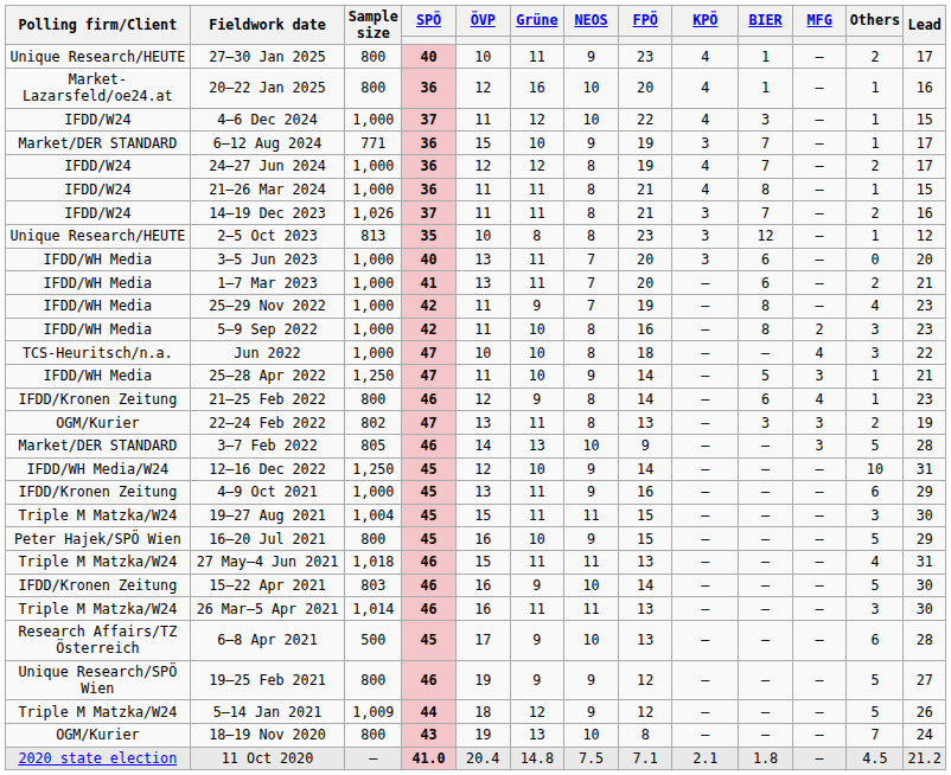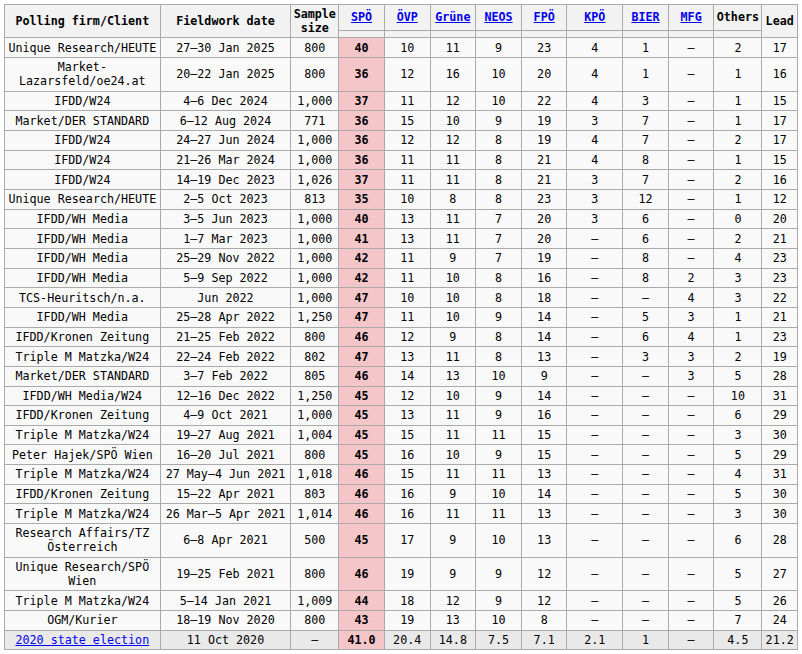 <table class="wikitable sortable mw-datatable mw-collapsible mw-collapsed" style="text-align:center;font-size:90%;line-height:14px;">
 <tr>
 <th rowspan="2" style="width:150px;">Polling firm/Client</th>
 <th rowspan="2" style="width:125px;">Fieldwork date</th>
 <th rowspan="2" style="width:35px;">Sample<br>size</th>
 <th class="unsortable" style="width:40px;"><a href='#'>SPÖ</a></th>
 <th class="unsortable" style="width:40px;"><a href='#'>ÖVP</a></th>
 <th class="unsortable" style="width:40px;"><a href='#'>Grüne</a></th>
 <th class="unsortable" style="width:40px;"><a href='#'>NEOS</a></th>
 <th class="unsortable" style="width:40px;"><a href='#'>FPÖ</a></th>
 <th class="unsortable" style="width:50px;"><a href='#'>KPÖ</a></th>
 <th class="unsortable" style="width:40px;"><a href='#'>BIER</a></th>
 <th class="unsortable" style="width:40px;"><a href='#'>MFG</a></th>
 <th class="unsortable" style="width:40px;">Others</th>
 <th rowspan="2" style="width:30px;">Lead</th>
 </tr>
 <tr>
 <th style="background:"></th>
 <th style="background:"></th>
 <th style="background:"></th>
 <th style="background:"></th>
 <th style="background:"></th>
 <th style="background:"></th>
 <th style="background:"></th>
 <th style="background:"></th>
 <th style="background:"></th>
 </tr>
 <tr>
 <td>Unique Research/HEUTE</td>
 <td>27–30 Jan 2025</td>
 <td>800</td>
 <td style="background:#F4C6C9;"><strong>40</strong></td>
 <td>10</td>
 <td>11</td>
 <td>9</td>
 <td>23</td>
 <td>4</td>
 <td>1</td>
 <td>–</td>
 <td>2</td>
 <td style="background:">17</td>
 </tr>
 <tr>
 <td>Market-Lazarsfeld/oe24.at</td>
 <td>20–22 Jan 2025</td>
 <td>800</td>
 <td style="background:#F4C6C9;"><strong>36</strong></td>
 <td>12</td>
 <td>16</td>
 <td>10</td>
 <td>20</td>
 <td>4</td>
 <td>1</td>
 <td>–</td>
 <td>1</td>
 <td style="background:">16</td>
 </tr>
 <tr>
 <td>IFDD/W24</td>
 <td>4–6 Dec 2024</td>
 <td>1,000</td>
 <td style="background:#F4C6C9;"><strong>37</strong></td>
 <td>11</td>
 <td>12</td>
 <td>10</td>
 <td>22</td>
 <td>4</td>
 <td>3</td>
 <td>–</td>
 <td>1</td>
 <td style="background:">15</td>
 </tr>
 <tr>
 <td>Market/DER STANDARD</td>
 <td>6–12 Aug 2024</td>
 <td>771</td>
 <td style="background:#F4C6C9;"><strong>36</strong></td>
 <td>15</td>
 <td>10</td>
 <td>9</td>
 <td>19</td>
 <td>3</td>
 <td>7</td>
 <td>–</td>
 <td>1</td>
 <td style="background:">17</td>
 </tr>
 <tr>
 <td>IFDD/W24</td>
 <td>24–27 Jun 2024</td>
 <td>1,000</td>
 <td style="background:#F4C6C9;"><strong>36</strong></td>
 <td>12</td>
 <td>12</td>
 <td>8</td>
 <td>19</td>
 <td>4</td>
 <td>7</td>
 <td>–</td>
 <td>2</td>
 <td style="background:">17</td>
 </tr>
 <tr>
 <td>IFDD/W24</td>
 <td>21–26 Mar 2024</td>
 <td>1,000</td>
 <td style="background:#F4C6C9;"><strong>36</strong></td>
 <td>11</td>
 <td>11</td>
 <td>8</td>
 <td>21</td>
 <td>4</td>
 <td>8</td>
 <td>–</td>
 <td>1</td>
 <td style="background:">15</td>
 </tr>
 <tr>
 <td>IFDD/W24</td>
 <td>14–19 Dec 2023</td>
 <td>1,026</td>
 <td style="background:#F4C6C9;"><strong>37</strong></td>
 <td>11</td>
 <td>11</td>
 <td>8</td>
 <td>21</td>
 <td>3</td>
 <td>7</td>
 <td>–</td>
 <td>2</td>
 <td style="background:">16</td>
 </tr>
 <tr>
 <td>Unique Research/HEUTE</td>
 <td>2–5 Oct 2023</td>
 <td>813</td>
 <td style="background:#F4C6C9;"><strong>35</strong></td>
 <td>10</td>
 <td>8</td>
 <td>8</td>
 <td>23</td>
 <td>3</td>
 <td>12</td>
 <td>–</td>
 <td>1</td>
 <td style="background:">12</td>
 </tr>
 <tr>
 <td>IFDD/WH Media</td>
 <td>3–5 Jun 2023</td>
 <td>1,000</td>
 <td style="background:#F4C6C9;"><strong>40</strong></td>
 <td>13</td>
 <td>11</td>
 <td>7</td>
 <td>20</td>
 <td>3</td>
 <td>6</td>
 <td>–</td>
 <td>0</td>
 <td style="background:">20</td>
 </tr>
 <tr>
 <td>IFDD/WH Media</td>
 <td>1–7 Mar 2023</td>
 <td>1,000</td>
 <td style="background:#F4C6C9;"><strong>41</strong></td>
 <td>13</td>
 <td>11</td>
 <td>7</td>
 <td>20</td>
 <td>–</td>
 <td>6</td>
 <td>–</td>
 <td>2</td>
 <td style="background:">21</td>
 </tr>
 <tr>
 <td>IFDD/WH Media</td>
 <td>25–29 Nov 2022</td>
 <td>1,000</td>
 <td style="background:#F4C6C9;"><strong>42</strong></td>
 <td>11</td>
 <td>9</td>
 <td>7</td>
 <td>19</td>
 <td>–</td>
 <td>8</td>
 <td>–</td>
 <td>4</td>
 <td style="background:">23</td>
 </tr>
 <tr>
 <td>IFDD/WH Media</td>
 <td>5–9 Sep 2022</td>
 <td>1,000</td>
 <td style="background:#F4C6C9;"><strong>42</strong></td>
 <td>11</td>
 <td>10</td>
 <td>8</td>
 <td>16</td>
 <td>–</td>
 <td>8</td>
 <td>2</td>
 <td>3</td>
 <td style="background:">23</td>
 </tr>
 <tr>
 <td>TCS-Heuritsch/n.a.</td>
 <td>Jun 2022</td>
 <td>1,000</td>
 <td style="background:#F4C6C9;"><strong>47</strong></td>
 <td>10</td>
 <td>10</td>
 <td>8</td>
 <td>18</td>
 <td>–</td>
 <td>–</td>
 <td>4</td>
 <td>3</td>
 <td style="background:">22</td>
 </tr>
 <tr>
 <td>IFDD/WH Media</td>
 <td>25–28 Apr 2022</td>
 <td>1,250</td>
 <td style="background:#F4C6C9;"><strong>47</strong></td>
 <td>11</td>
 <td>10</td>
 <td>9</td>
 <td>14</td>
 <td>–</td>
 <td>5</td>
 <td>3</td>
 <td>1</td>
 <td style="background:">21</td>
 </tr>
 <tr>
 <td>IFDD/Kronen Zeitung</td>
 <td>21–25 Feb 2022</td>
 <td>800</td>
 <td style="background:#F4C6C9;"><strong>46</strong></td>
 <td>12</td>
 <td>9</td>
 <td>8</td>
 <td>14</td>
 <td>–</td>
 <td>6</td>
 <td>4</td>
 <td>1</td>
 <td style="background:">23</td>
 </tr>
 <tr>
-<td>OGM/Kurier</td>
+<td>Triple M Matzka/W24</td>
 <td>22–24 Feb 2022</td>
 <td>802</td>
 <td style="background:#F4C6C9;"><strong>47</strong></td>
 <td>13</td>
 <td>11</td>
 <td>8</td>
 <td>13</td>
 <td>–</td>
 <td>3</td>
 <td>3</td>
 <td>2</td>
 <td style="background:">19</td>
 </tr>
 <tr>
 <td>Market/DER STANDARD</td>
 <td>3–7 Feb 2022</td>
 <td>805</td>
 <td style="background:#F4C6C9;"><strong>46</strong></td>
 <td>14</td>
 <td>13</td>
 <td>10</td>
 <td>9</td>
 <td>–</td>
 <td>–</td>
 <td>3</td>
 <td>5</td>
 <td style="background:">28</td>
 </tr>
 <tr>
 <td>IFDD/WH Media/W24</td>
 <td>12–16 Dec 2022</td>
 <td>1,250</td>
 <td style="background:#F4C6C9;"><strong>45</strong></td>
 <td>12</td>
 <td>10</td>
 <td>9</td>
 <td>14</td>
 <td>–</td>
 <td>–</td>
 <td>–</td>
 <td>10</td>
 <td style="background:">31</td>
 </tr>
 <tr>
 <td>IFDD/Kronen Zeitung</td>
 <td>4–9 Oct 2021</td>
 <td>1,000</td>
 <td style="background:#F4C6C9;"><strong>45</strong></td>
 <td>13</td>
 <td>11</td>
 <td>9</td>
 <td>16</td>
 <td>–</td>
 <td>–</td>
 <td>–</td>
 <td>6</td>
 <td style="background:">29</td>
 </tr>
 <tr>
 <td>Triple M Matzka/W24</td>
 <td>19–27 Aug 2021</td>
 <td>1,004</td>
 <td style="background:#F4C6C9;"><strong>45</strong></td>
 <td>15</td>
 <td>11</td>
 <td>11</td>
 <td>15</td>
 <td>–</td>
 <td>–</td>
 <td>–</td>
 <td>3</td>
 <td style="background:">30</td>
 </tr>
 <tr>
 <td>Peter Hajek/SPÖ Wien</td>
 <td>16–20 Jul 2021</td>
 <td>800</td>
 <td style="background:#F4C6C9;"><strong>45</strong></td>
 <td>16</td>
 <td>10</td>
 <td>9</td>
 <td>15</td>
 <td>–</td>
 <td>–</td>
 <td>–</td>
 <td>5</td>
 <td style="background:">29</td>
 </tr>
 <tr>
 <td>Triple M Matzka/W24</td>
 <td>27 May–4 Jun 2021</td>
 <td>1,018</td>
 <td style="background:#F4C6C9;"><strong>46</strong></td>
 <td>15</td>
 <td>11</td>
 <td>11</td>
 <td>13</td>
 <td>–</td>
 <td>–</td>
 <td>–</td>
 <td>4</td>
 <td style="background:">31</td>
 </tr>
 <tr>
 <td>IFDD/Kronen Zeitung</td>
 <td>15–22 Apr 2021</td>
 <td>803</td>
 <td style="background:#F4C6C9;"><strong>46</strong></td>
 <td>16</td>
 <td>9</td>
 <td>10</td>
 <td>14</td>
 <td>–</td>
 <td>–</td>
 <td>–</td>
 <td>5</td>
 <td style="background:">30</td>
 </tr>
 <tr>
 <td>Triple M Matzka/W24</td>
 <td>26 Mar–5 Apr 2021</td>
 <td>1,014</td>
 <td style="background:#F4C6C9;"><strong>46</strong></td>
 <td>16</td>
 <td>11</td>
 <td>11</td>
 <td>13</td>
 <td>–</td>
 <td>–</td>
 <td>–</td>
 <td>3</td>
 <td style="background:">30</td>
 </tr>
 <tr>
 <td>Research Affairs/TZ Österreich</td>
 <td>6–8 Apr 2021</td>
 <td>500</td>
 <td style="background:#F4C6C9;"><strong>45</strong></td>
 <td>17</td>
 <td>9</td>
 <td>10</td>
 <td>13</td>
 <td>–</td>
 <td>–</td>
 <td>–</td>
 <td>6</td>
 <td style="background:">28</td>
 </tr>
 <tr>
 <td>Unique Research/SPÖ Wien</td>
 <td>19–25 Feb 2021</td>
 <td>800</td>
 <td style="background:#F4C6C9;"><strong>46</strong></td>
 <td>19</td>
 <td>9</td>
 <td>9</td>
 <td>12</td>
 <td>–</td>
 <td>–</td>
 <td>–</td>
 <td>5</td>
 <td style="background:">27</td>
 </tr>
 <tr>
 <td>Triple M Matzka/W24</td>
 <td>5–14 Jan 2021</td>
 <td>1,009</td>
 <td style="background:#F4C6C9;"><strong>44</strong></td>
 <td>18</td>
 <td>12</td>
 <td>9</td>
 <td>12</td>
 <td>–</td>
 <td>–</td>
 <td>–</td>
 <td>5</td>
 <td style="background:">26</td>
 </tr>
 <tr>
 <td>OGM/Kurier</td>
 <td>18–19 Nov 2020</td>
 <td>800</td>
 <td style="background:#F4C6C9;"><strong>43</strong></td>
 <td>19</td>
 <td>13</td>
 <td>10</td>
 <td>8</td>
 <td>–</td>
 <td>–</td>
 <td>–</td>
 <td>7</td>
 <td style="background:">24</td>
 </tr>
 <tr style="background:#E9E9E9;">
 <td><a href='#'>2020 state election</a></td>
 <td data-sort-value="2015-10-11">11 Oct 2020</td>
 <td>–</td>
 <td style="background:#F4C6C9;"><strong>41.0</strong></td>
 <td>20.4</td>
 <td>14.8</td>
 <td>7.5</td>
 <td>7.1</td>
 <td>2.1</td>
-<td>1.8</td>
+<td>1</td>
 <td>–</td>
 <td>4.5</td>
 <td style="background:">21.2</td>
 </tr>
 </table>
